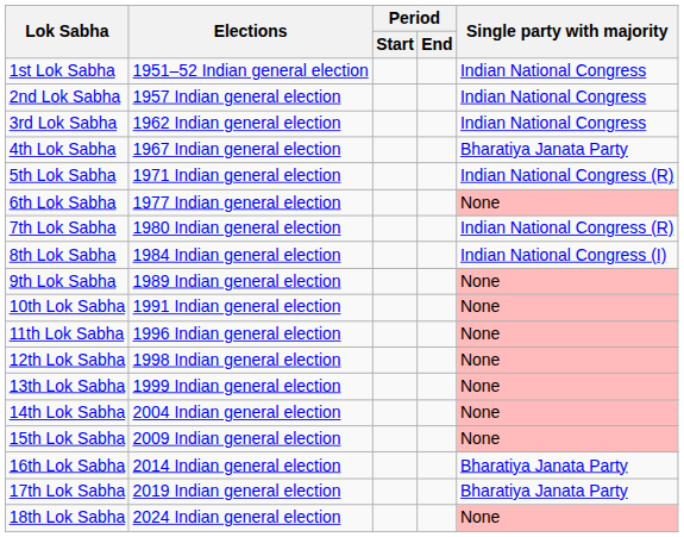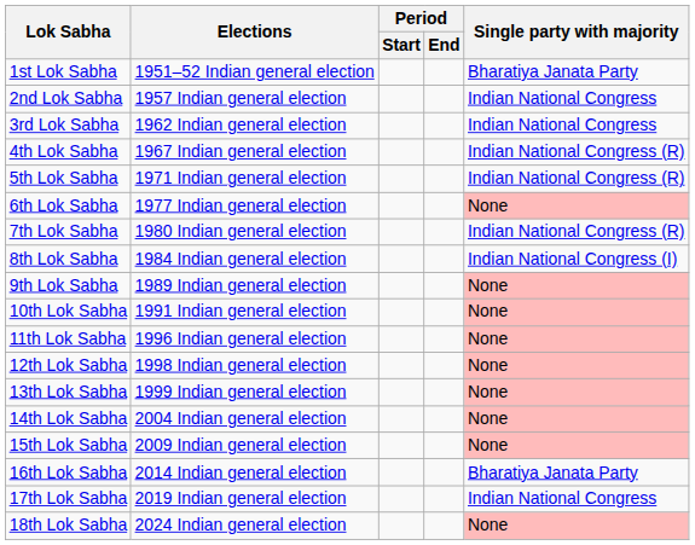 <table class = "wikitable">
 <tr>
 <th rowspan = "2">Lok Sabha</th>
 <th rowspan = "2">Elections</th>
 <th colspan = "2">Period</th>
 <th rowspan = "2">Single party with majority</th>
 </tr>
 <tr>
 <th>Start</th>
 <th>End</th>
 </tr>
 <tr>
 <td><a href='#'>1st Lok Sabha</a></td>
 <td><a href='#'>1951–52 Indian general election</a></td>
 <td></td>
 <td></td>
-<td style="background:"><a href='#'>Indian National Congress</a></td>
+<td style="background:"><a href='#'>Bharatiya Janata Party</a></td>
 </tr>
 <tr>
 <td><a href='#'>2nd Lok Sabha</a></td>
 <td><a href='#'>1957 Indian general election</a></td>
 <td></td>
 <td></td>
 <td style="background:"><a href='#'>Indian National Congress</a></td>
 </tr>
 <tr>
 <td><a href='#'>3rd Lok Sabha</a></td>
 <td><a href='#'>1962 Indian general election</a></td>
 <td></td>
 <td></td>
 <td style="background:"><a href='#'>Indian National Congress</a></td>
 </tr>
 <tr>
 <td><a href='#'>4th Lok Sabha</a></td>
 <td><a href='#'>1967 Indian general election</a></td>
 <td></td>
 <td></td>
-<td style="background:"><a href='#'>Bharatiya Janata Party</a></td>
+<td style="background:"><a href='#'>Indian National Congress (R)</a></td>
 </tr>
 <tr>
 <td><a href='#'>5th Lok Sabha</a></td>
 <td><a href='#'>1971 Indian general election</a></td>
 <td></td>
 <td></td>
 <td style="background:"><a href='#'>Indian National Congress (R)</a></td>
 </tr>
 <tr>
 <td><a href='#'>6th Lok Sabha</a></td>
 <td><a href='#'>1977 Indian general election</a></td>
 <td></td>
 <td></td>
 <td style="background:#ffbbbb;">None</td>
 </tr>
 <tr>
 <td><a href='#'>7th Lok Sabha</a></td>
 <td><a href='#'>1980 Indian general election</a></td>
 <td></td>
 <td></td>
 <td style="background:"><a href='#'>Indian National Congress (R)</a></td>
 </tr>
 <tr>
 <td><a href='#'>8th Lok Sabha</a></td>
 <td><a href='#'>1984 Indian general election</a></td>
 <td></td>
 <td></td>
 <td style="background:"><a href='#'>Indian National Congress (I)</a></td>
 </tr>
 <tr>
 <td><a href='#'>9th Lok Sabha</a></td>
 <td><a href='#'>1989 Indian general election</a></td>
 <td></td>
 <td></td>
 <td style="background:#ffbbbb;">None</td>
 </tr>
 <tr>
 <td><a href='#'>10th Lok Sabha</a></td>
 <td><a href='#'>1991 Indian general election</a></td>
 <td></td>
 <td></td>
 <td style="background:#ffbbbb;">None</td>
 </tr>
 <tr>
 <td><a href='#'>11th Lok Sabha</a></td>
 <td><a href='#'>1996 Indian general election</a></td>
 <td></td>
 <td></td>
 <td style="background:#ffbbbb;">None</td>
 </tr>
 <tr>
 <td><a href='#'>12th Lok Sabha</a></td>
 <td><a href='#'>1998 Indian general election</a></td>
 <td></td>
 <td></td>
 <td style="background:#ffbbbb;">None</td>
 </tr>
 <tr>
 <td><a href='#'>13th Lok Sabha</a></td>
 <td><a href='#'>1999 Indian general election</a></td>
 <td></td>
 <td></td>
 <td style="background:#ffbbbb;">None</td>
 </tr>
 <tr>
 <td><a href='#'>14th Lok Sabha</a></td>
 <td><a href='#'>2004 Indian general election</a></td>
 <td></td>
 <td></td>
 <td style="background:#ffbbbb;">None</td>
 </tr>
 <tr>
 <td><a href='#'>15th Lok Sabha</a></td>
 <td><a href='#'>2009 Indian general election</a></td>
 <td></td>
 <td></td>
 <td style="background:#ffbbbb;">None</td>
 </tr>
 <tr>
 <td><a href='#'>16th Lok Sabha</a></td>
 <td><a href='#'>2014 Indian general election</a></td>
 <td></td>
 <td></td>
 <td style="background:"><a href='#'>Bharatiya Janata Party</a></td>
 </tr>
 <tr>
 <td><a href='#'>17th Lok Sabha</a></td>
 <td><a href='#'>2019 Indian general election</a></td>
 <td></td>
 <td></td>
-<td style="background:"><a href='#'>Bharatiya Janata Party</a></td>
+<td style="background:"><a href='#'>Indian National Congress</a></td>
 </tr>
 <tr>
 <td><a href='#'>18th Lok Sabha</a></td>
 <td><a href='#'>2024 Indian general election</a></td>
 <td></td>
 <td></td>
 <td style="background:#ffbbbb;">None</td>
 </tr>
 </table>
